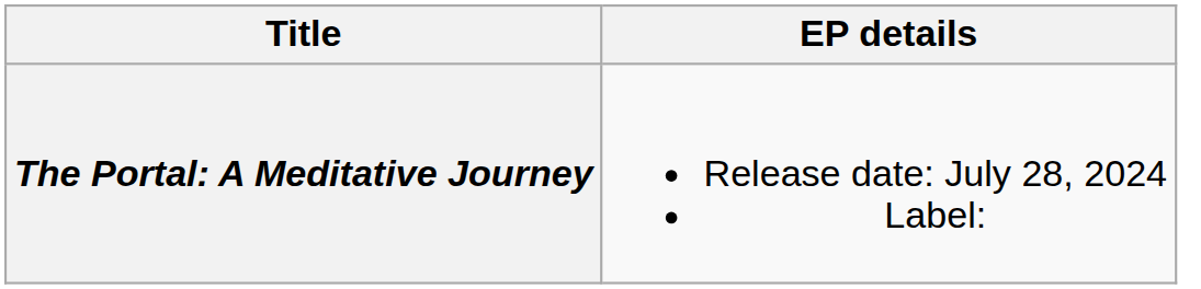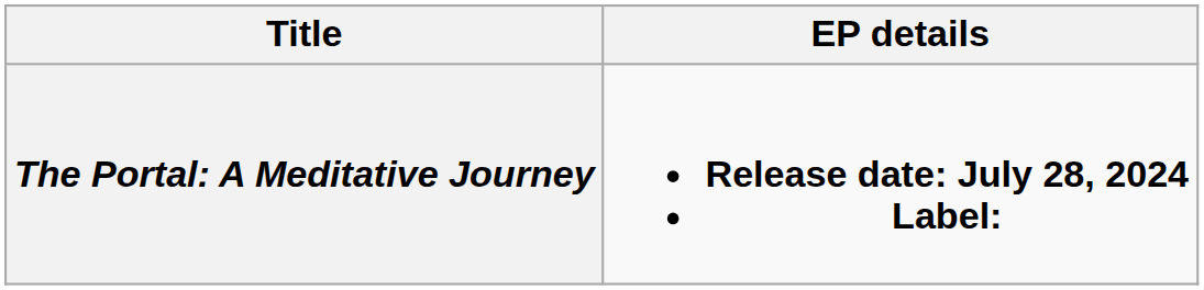 <table class="wikitable plainrowheaders" style="text-align:center;">
 <tr>
 <th scope="col">Title</th>
 <th scope="col">EP details</th>
 </tr>
 <tr>
 <th scope="row"><em>The Portal: A Meditative Journey</em></th>
-<td><br><ul><li>Release date: July 28, 2024</li><li>Label:</li></ul></td>
+<td><strong><br><ul><li>Release date: July 28, 2024</li><li>Label:</li></ul></strong></td>
 </tr>
 </table>
